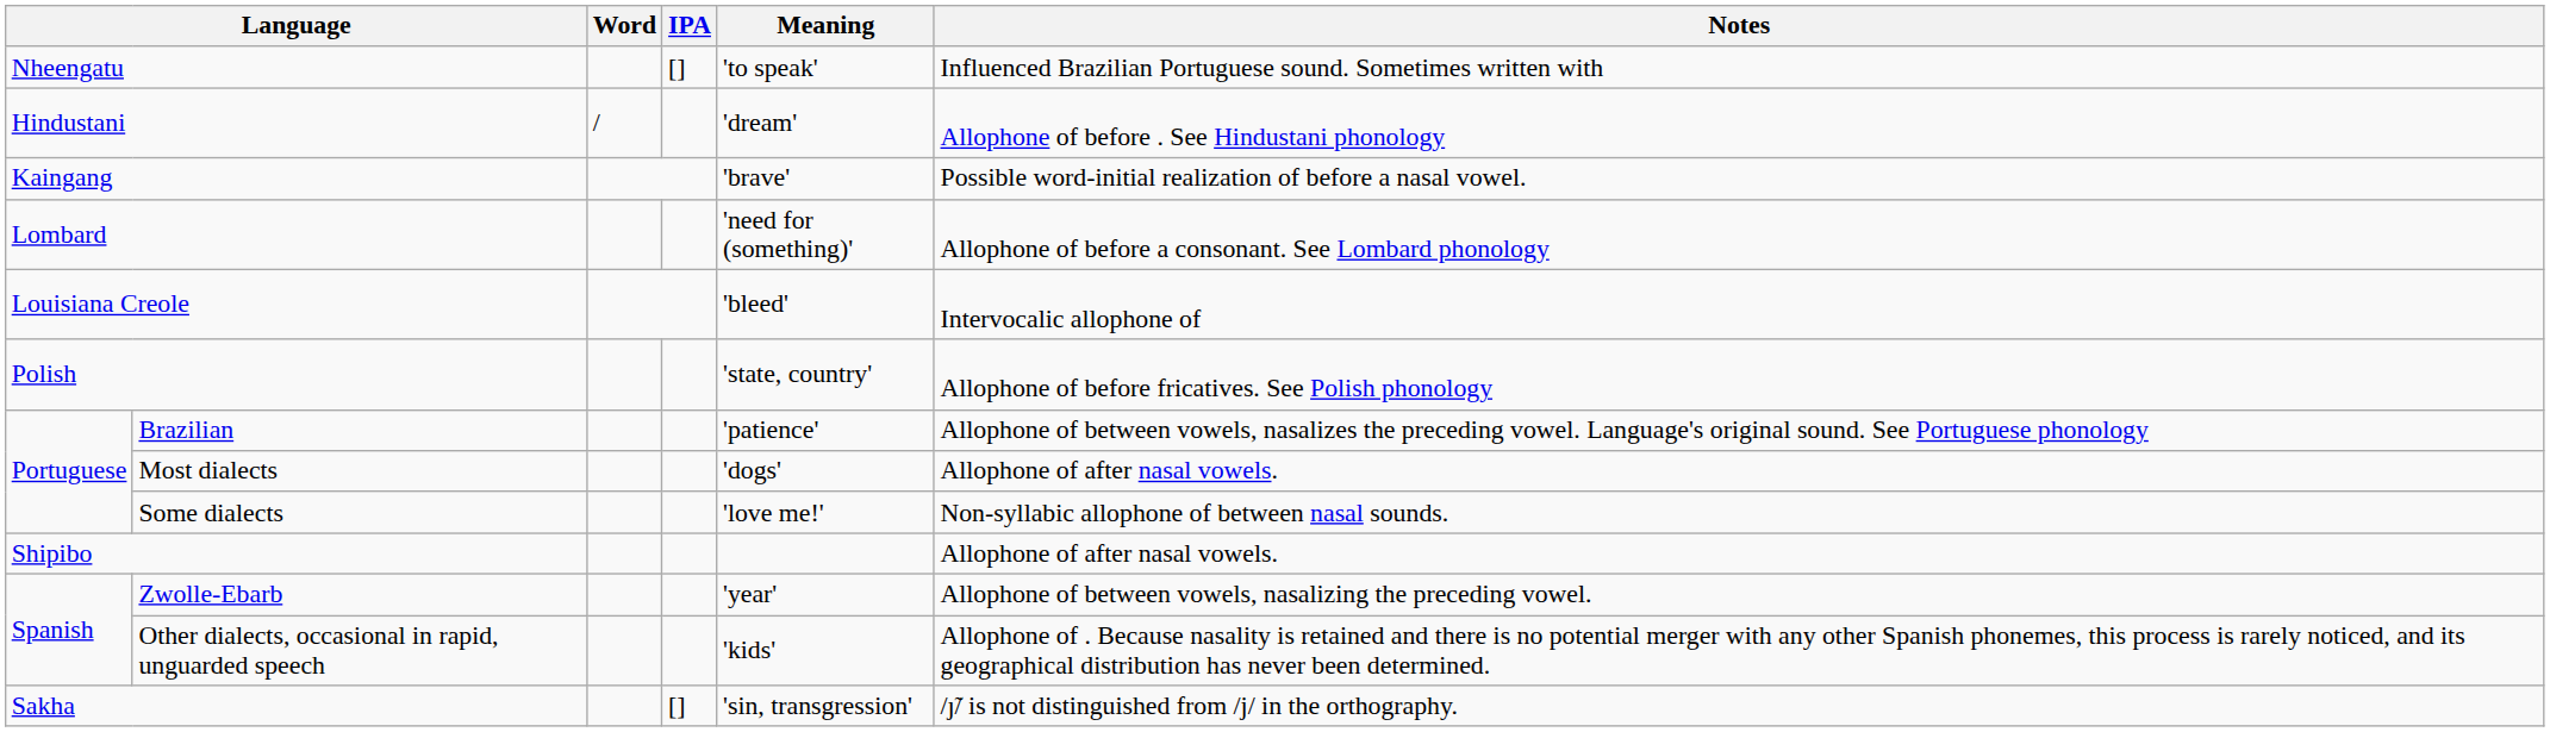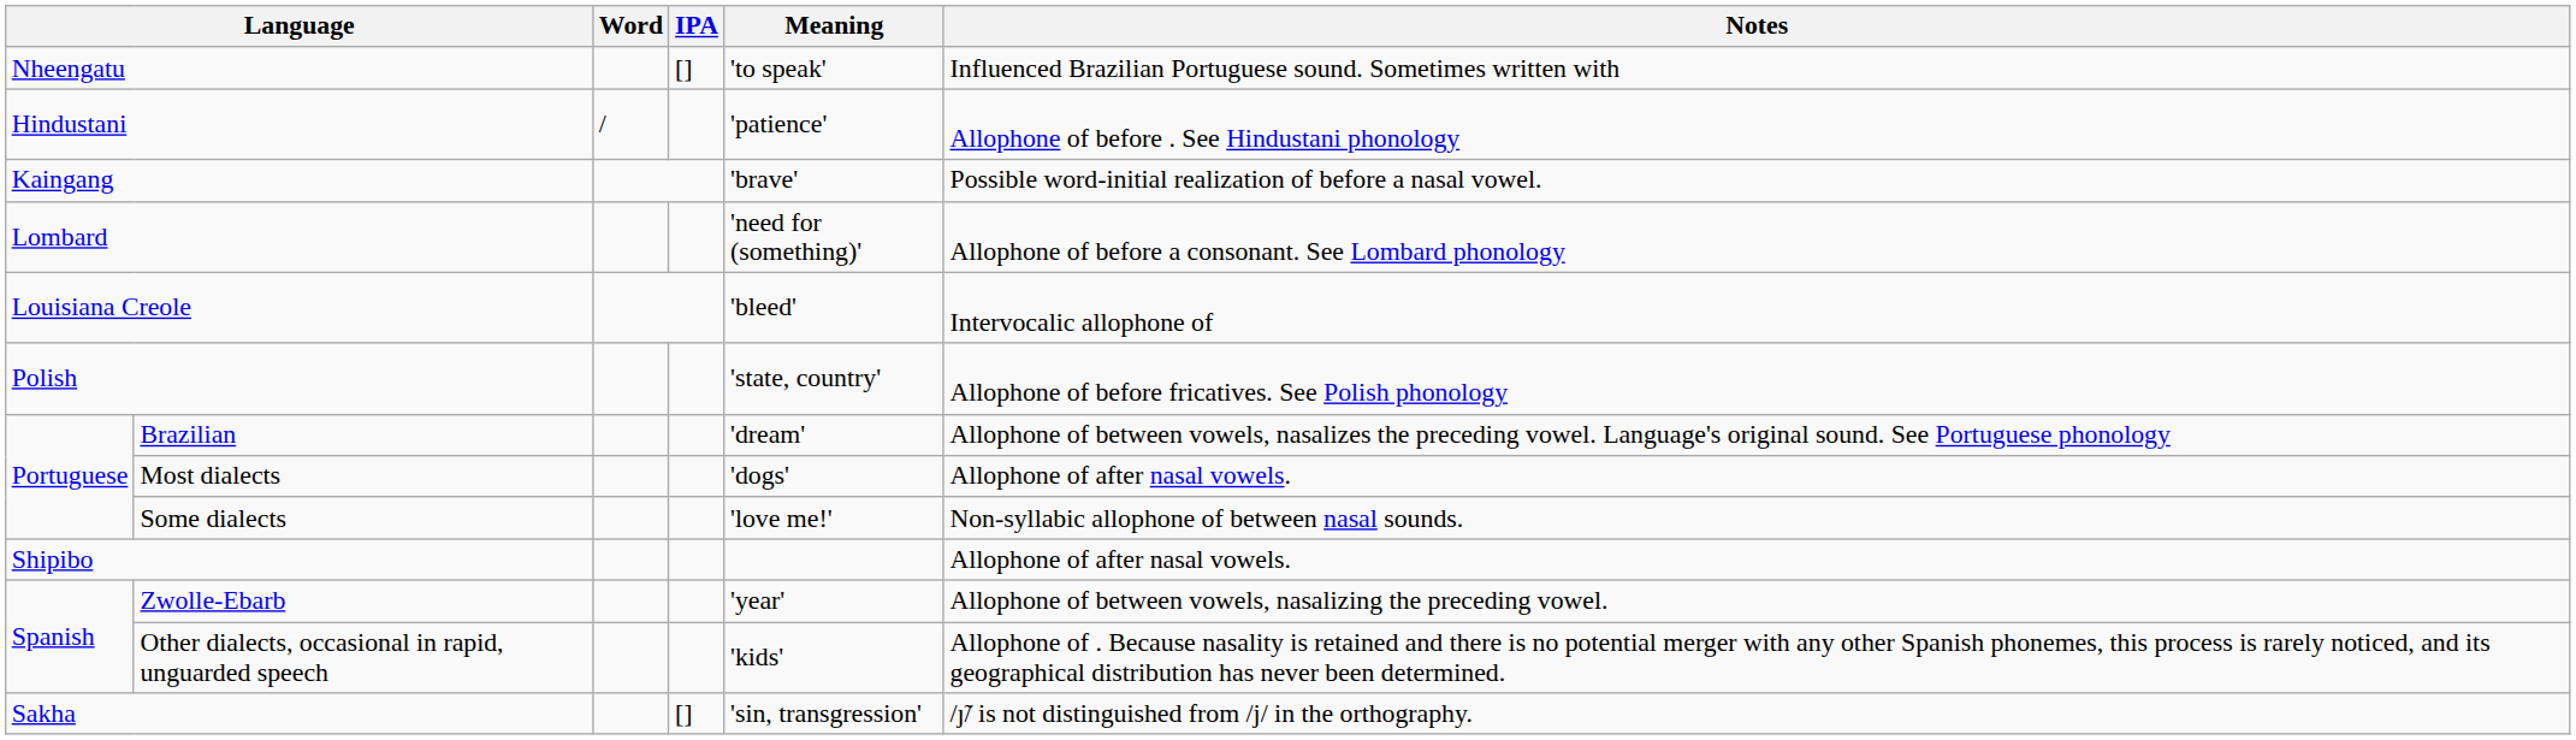 <table class="wikitable">
 <tr>
 <th colspan="2">Language</th>
 <th>Word</th>
 <th><a href='#'>IPA</a></th>
 <th>Meaning</th>
 <th>Notes</th>
 </tr>
 <tr>
 <td colspan="2"><a href='#'>Nheengatu</a></td>
 <td></td>
 <td>[]</td>
 <td>'to speak'</td>
 <td>Influenced Brazilian Portuguese  sound. Sometimes written with </td>
 </tr>
 <tr>
 <td colspan="2"><a href='#'>Hindustani</a></td>
 <td> / </td>
 <td></td>
-<td>'dream'</td>
+<td>'patience'</td>
 <td><br><a href='#'>Allophone</a> of  before . See <a href='#'>Hindustani phonology</a></td>
 </tr>
 <tr>
 <td colspan="2"><a href='#'>Kaingang</a></td>
 <td colspan="2" align="center"></td>
 <td>'brave'</td>
 <td>Possible word-initial realization of  before a nasal vowel.</td>
 </tr>
 <tr>
 <td colspan="2"><a href='#'>Lombard</a></td>
 <td></td>
 <td></td>
 <td>'need for (something)'</td>
 <td><br>Allophone of  before a consonant. See <a href='#'>Lombard phonology</a></td>
 </tr>
 <tr>
 <td colspan="2"><a href='#'>Louisiana Creole</a></td>
 <td colspan="2" align="center"></td>
 <td>'bleed'</td>
 <td><br>Intervocalic allophone of </td>
 </tr>
 <tr>
 <td colspan="2"><a href='#'>Polish</a></td>
 <td></td>
 <td></td>
 <td>'state, country'</td>
 <td><br>Allophone of  before fricatives. See <a href='#'>Polish phonology</a></td>
 </tr>
 <tr>
 <td rowspan="3"><a href='#'>Portuguese</a></td>
 <td><a href='#'>Brazilian</a></td>
 <td></td>
 <td></td>
-<td>'patience'</td>
+<td>'dream'</td>
 <td>Allophone of  between vowels, nasalizes the preceding vowel. Language's original  sound. See <a href='#'>Portuguese phonology</a></td>
 </tr>
 <tr>
 <td>Most dialects</td>
 <td></td>
 <td></td>
 <td>'dogs'</td>
 <td>Allophone of  after <a href='#'>nasal vowels</a>.</td>
 </tr>
 <tr>
 <td>Some dialects</td>
 <td></td>
 <td></td>
 <td>'love me!'</td>
 <td>Non-syllabic allophone of  between <a href='#'>nasal</a> sounds.</td>
 </tr>
 <tr>
 <td colspan="2"><a href='#'>Shipibo</a></td>
 <td></td>
 <td></td>
 <td></td>
 <td>Allophone of  after nasal vowels.</td>
 </tr>
 <tr>
 <td rowspan="2"><a href='#'>Spanish</a></td>
 <td><a href='#'>Zwolle-Ebarb</a></td>
 <td></td>
 <td></td>
 <td>'year'</td>
 <td>Allophone of  between vowels, nasalizing the preceding vowel.</td>
 </tr>
 <tr>
 <td>Other dialects, occasional in rapid, unguarded speech</td>
 <td></td>
 <td></td>
 <td>'kids'</td>
 <td>Allophone of . Because nasality is retained and there is no potential merger with any other Spanish phonemes, this process is rarely noticed, and its geographical distribution has never been determined.</td>
 </tr>
 <tr>
 <td colspan="2"><a href='#'>Sakha</a></td>
 <td></td>
 <td>[]</td>
 <td>'sin, transgression'</td>
 <td>/ȷ̃/ is not distinguished from /j/ in the orthography.</td>
 </tr>
 </table>
